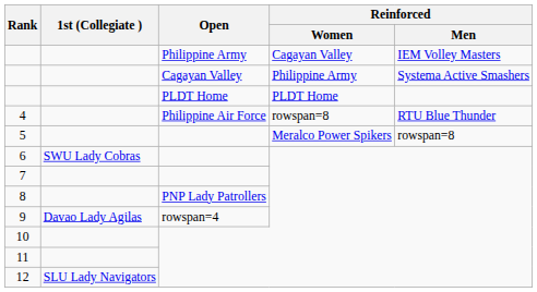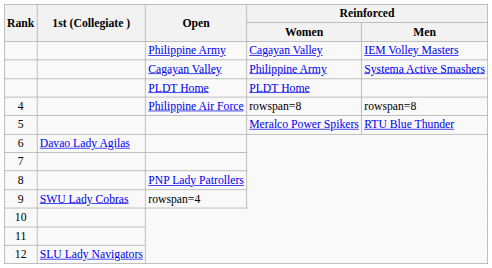 <table class="wikitable">
 <tr>
 <th rowspan=2>Rank</th>
 <th rowspan=2>1st (Collegiate )</th>
 <th rowspan=2>Open</th>
 <th colspan=4>Reinforced</th>
 </tr>
 <tr>
 <th>Women</th>
 <th>Men</th>
 </tr>
 <tr>
 <td align=center></td>
 <td></td>
 <td><a href='#'>Philippine Army</a></td>
 <td><a href='#'>Cagayan Valley</a></td>
 <td><a href='#'>IEM Volley Masters</a></td>
 </tr>
 <tr>
 <td align=center></td>
 <td></td>
 <td><a href='#'>Cagayan Valley</a></td>
 <td><a href='#'>Philippine Army</a></td>
 <td><a href='#'>Systema Active Smashers</a></td>
 </tr>
 <tr>
 <td align=center></td>
 <td></td>
 <td><a href='#'>PLDT Home</a></td>
 <td><a href='#'>PLDT Home</a></td>
 <td></td>
 </tr>
 <tr>
 <td align=center>4</td>
 <td></td>
 <td><a href='#'>Philippine Air Force</a></td>
 <td>rowspan=8 </td>
-<td> <a href='#'>RTU Blue Thunder</a></td>
+<td>rowspan=8 </td>
 </tr>
 <tr>
 <td align=center>5</td>
 <td></td>
 <td></td>
 <td><a href='#'>Meralco Power Spikers</a></td>
-<td>rowspan=8 </td>
+<td> <a href='#'>RTU Blue Thunder</a></td>
 </tr>
 <tr>
 <td align=center>6</td>
-<td> <a href='#'>SWU Lady Cobras</a></td>
+<td> <a href='#'>Davao Lady Agilas</a></td>
 <td></td>
 </tr>
 <tr>
 <td align=center>7</td>
 <td></td>
 <td></td>
 </tr>
 <tr>
 <td align=center>8</td>
 <td></td>
 <td><a href='#'>PNP Lady Patrollers</a></td>
 </tr>
 <tr>
 <td align=center>9</td>
-<td> <a href='#'>Davao Lady Agilas</a></td>
+<td> <a href='#'>SWU Lady Cobras</a></td>
 <td>rowspan=4 </td>
 </tr>
 <tr>
 <td align=center>10</td>
 <td></td>
 </tr>
 <tr>
 <td align=center>11</td>
 <td></td>
 </tr>
 <tr>
 <td align=center>12</td>
 <td> <a href='#'>SLU Lady Navigators</a></td>
 </tr>
 </table>
